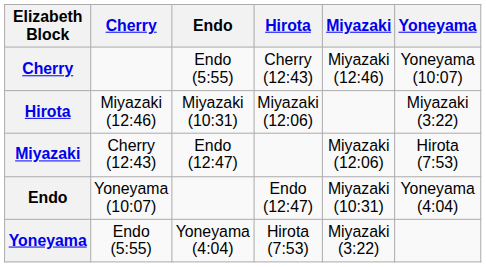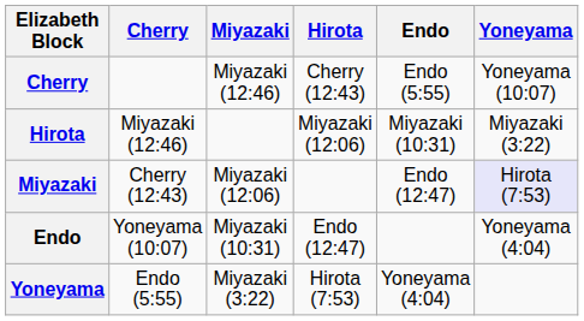 <table class="wikitable" style="text-align:center; margin: 1em auto 1em auto;" width="25%">
 <tr>
 <th>Elizabeth Block</th>
 <th><a href='#'>Cherry</a></th>
+<th><a href='#'>Miyazaki</a></th>
+<th><a href='#'>Hirota</a></th>
 <th>Endo</th>
-<th><a href='#'>Hirota</a></th>
-<th><a href='#'>Miyazaki</a></th>
 <th><a href='#'>Yoneyama</a></th>
 </tr>
 <tr>
 <th><a href='#'>Cherry</a></th>
 <td></td>
+<td>Miyazaki<br>(12:46)</td>
+<td>Cherry<br>(12:43)</td>
 <td>Endo<br>(5:55)</td>
-<td>Cherry<br>(12:43)</td>
-<td>Miyazaki<br>(12:46)</td>
 <td>Yoneyama<br>(10:07)</td>
 </tr>
 <tr>
 <th><a href='#'>Hirota</a></th>
 <td>Miyazaki<br>(12:46)</td>
+<td></td>
+<td>Miyazaki<br>(12:06)</td>
 <td>Miyazaki<br>(10:31)</td>
-<td>Miyazaki<br>(12:06)</td>
-<td></td>
 <td>Miyazaki<br>(3:22)</td>
 </tr>
 <tr>
 <th><a href='#'>Miyazaki</a></th>
 <td>Cherry<br>(12:43)</td>
+<td>Miyazaki<br>(12:06)</td>
+<td></td>
 <td>Endo<br>(12:47)</td>
-<td></td>
-<td>Miyazaki<br>(12:06)</td>
-<td>Hirota<br>(7:53)</td>
+<td style="background: lavender;">Hirota<br>(7:53)</td>
 </tr>
 <tr>
 <th>Endo</th>
 <td>Yoneyama<br>(10:07)</td>
+<td>Miyazaki<br>(10:31)</td>
+<td>Endo<br>(12:47)</td>
 <td></td>
-<td>Endo<br>(12:47)</td>
-<td>Miyazaki<br>(10:31)</td>
 <td>Yoneyama<br>(4:04)</td>
 </tr>
 <tr>
 <th><a href='#'>Yoneyama</a></th>
 <td>Endo<br>(5:55)</td>
+<td>Miyazaki<br>(3:22)</td>
+<td>Hirota<br>(7:53)</td>
 <td>Yoneyama<br>(4:04)</td>
-<td>Hirota<br>(7:53)</td>
-<td>Miyazaki<br>(3:22)</td>
 <td></td>
 </tr>
 </table>
